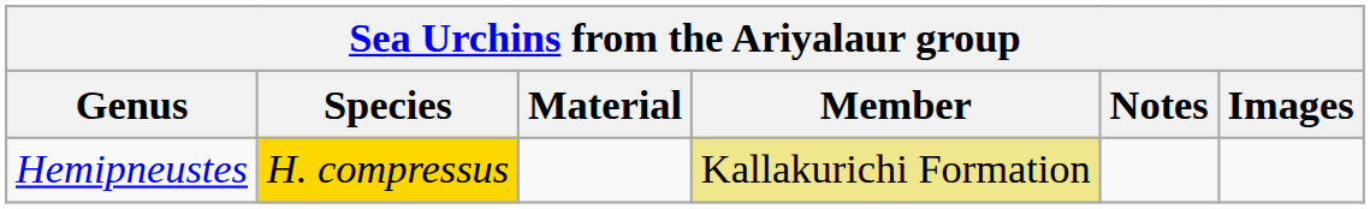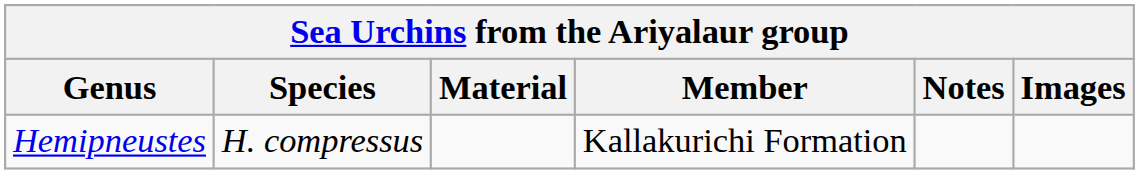 <table class="wikitable" align="center">
 <tr>
 <th colspan="6" align="center"><strong><a href='#'>Sea Urchins</a> from the Ariyalaur group</strong></th>
 </tr>
 <tr>
 <th>Genus</th>
 <th>Species</th>
 <th>Material</th>
 <th>Member</th>
 <th>Notes</th>
 <th>Images</th>
 </tr>
 <tr>
 <td><em><a href='#'>Hemipneustes</a></em></td>
-<td style="background: gold;"><em>H. compressus</em></td>
+<td><em>H. compressus</em></td>
 <td></td>
-<td style="background: khaki;">Kallakurichi Formation</td>
+<td>Kallakurichi Formation</td>
 <td></td>
 <td><br></td>
 </tr>
 </table>
